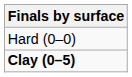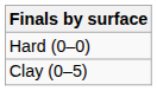 <table class=wikitable style=font-size:90%>
 <tr>
 <th>Finals by surface</th>
 </tr>
 <tr>
 <td>Hard (0–0)</td>
 </tr>
 <tr>
-<td><strong>Clay (0–5)</strong></td>
+<td>Clay (0–5)</td>
 </tr>
 </table>
